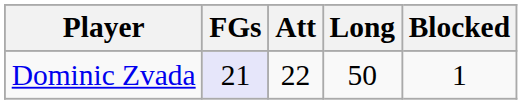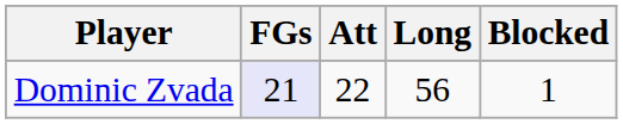 <table class="wikitable sortable sortable" style="text-align: center">
 <tr align=center>
 <th>Player</th>
 <th>FGs</th>
 <th>Att</th>
 <th>Long</th>
 <th>Blocked</th>
 </tr>
 <tr>
 <td><a href='#'>Dominic Zvada</a></td>
 <td style="background: lavender;">21</td>
 <td>22</td>
-<td>50</td>
+<td>56</td>
 <td>1</td>
 </tr>
 </table>
